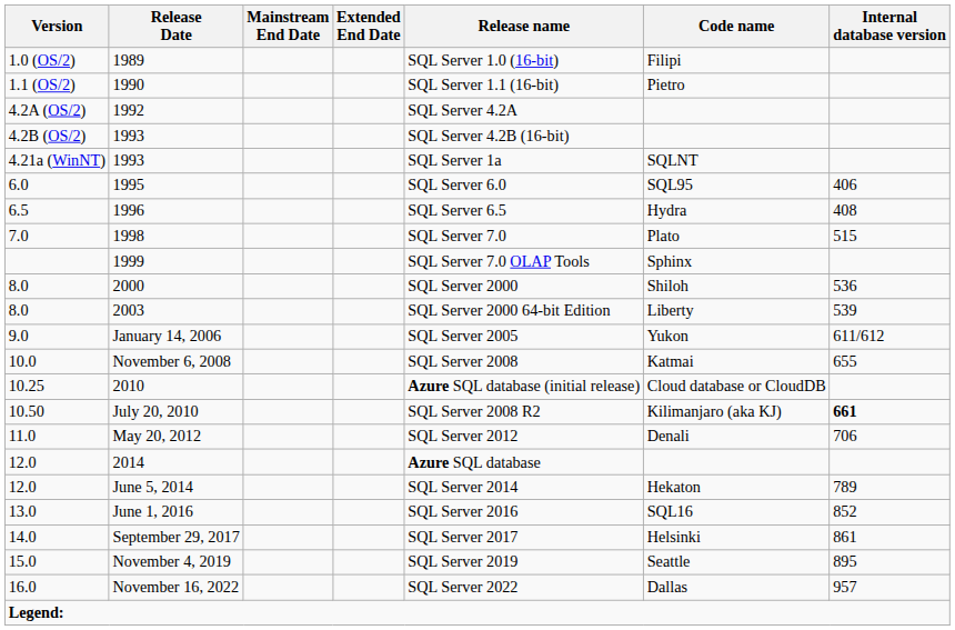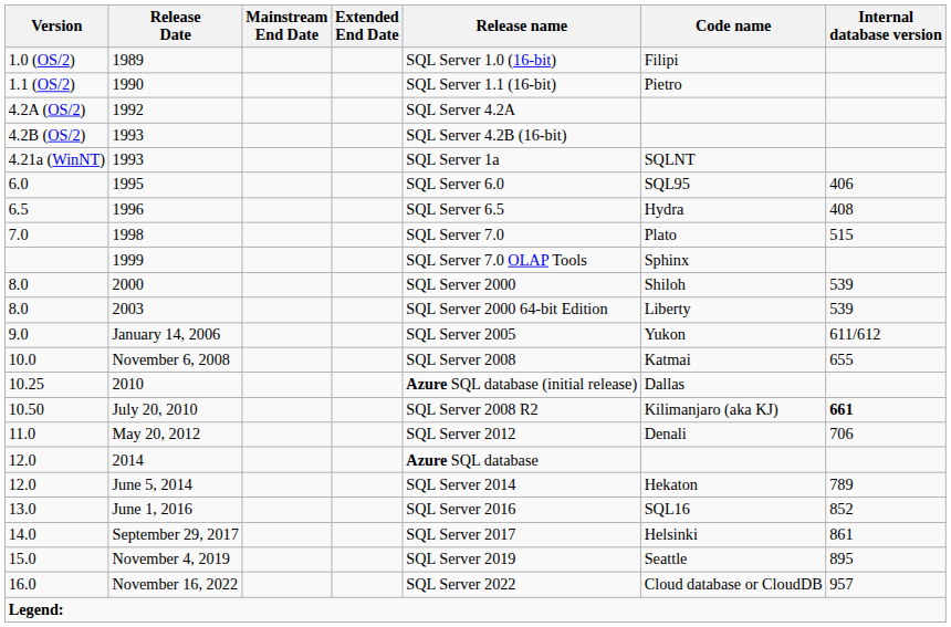 <table style=text-alfdfign:center class="wikitable sortable">
 <tr>
 <th>Version</th>
 <th>Release<br>Date</th>
 <th>Mainstream<br>End Date</th>
 <th>Extended<br>End Date</th>
 <th>Release name</th>
 <th>Code name</th>
 <th>Internal<br>database version</th>
 </tr>
 <tr>
 <td>1.0 (<a href='#'>OS/2</a>)</td>
 <td>1989</td>
 <td></td>
 <td></td>
 <td>SQL Server 1.0 (<a href='#'>16-bit</a>)</td>
 <td>Filipi</td>
 <td></td>
 </tr>
 <tr>
 <td>1.1 (<a href='#'>OS/2</a>)</td>
 <td>1990</td>
 <td></td>
 <td></td>
 <td>SQL Server 1.1 (16-bit)</td>
 <td>Pietro</td>
 <td></td>
 </tr>
 <tr>
 <td>4.2A (<a href='#'>OS/2</a>)</td>
 <td>1992</td>
 <td></td>
 <td></td>
 <td>SQL Server 4.2A</td>
 <td></td>
 <td></td>
 </tr>
 <tr>
 <td>4.2B (<a href='#'>OS/2</a>)</td>
 <td>1993</td>
 <td></td>
 <td></td>
 <td>SQL Server 4.2B (16-bit)</td>
 <td></td>
 <td></td>
 </tr>
 <tr>
 <td>4.21a (<a href='#'>WinNT</a>)</td>
 <td>1993</td>
 <td></td>
 <td></td>
 <td>SQL Server 1a</td>
 <td>SQLNT</td>
 <td></td>
 </tr>
 <tr>
 <td>6.0</td>
 <td>1995</td>
 <td></td>
 <td></td>
 <td>SQL Server 6.0</td>
 <td>SQL95</td>
 <td>406</td>
 </tr>
 <tr>
 <td>6.5</td>
 <td>1996</td>
 <td></td>
 <td></td>
 <td>SQL Server 6.5</td>
 <td>Hydra</td>
 <td>408</td>
 </tr>
 <tr>
 <td>7.0</td>
 <td>1998</td>
 <td></td>
 <td></td>
 <td>SQL Server 7.0</td>
 <td>Plato</td>
 <td>515</td>
 </tr>
 <tr>
 <td></td>
 <td>1999</td>
 <td></td>
 <td></td>
 <td>SQL Server 7.0 <a href='#'>OLAP</a> Tools</td>
 <td>Sphinx</td>
 <td></td>
 </tr>
 <tr>
 <td>8.0</td>
 <td>2000</td>
 <td></td>
 <td></td>
 <td>SQL Server 2000</td>
 <td>Shiloh</td>
-<td>536</td>
+<td>539</td>
 </tr>
 <tr>
 <td>8.0</td>
 <td>2003</td>
 <td></td>
 <td></td>
 <td>SQL Server 2000 64-bit Edition</td>
 <td>Liberty</td>
 <td>539</td>
 </tr>
 <tr>
 <td>9.0</td>
 <td>January 14, 2006</td>
 <td></td>
 <td></td>
 <td>SQL Server 2005</td>
 <td>Yukon</td>
 <td>611/612</td>
 </tr>
 <tr>
 <td>10.0</td>
 <td>November 6, 2008</td>
 <td></td>
 <td></td>
 <td>SQL Server 2008</td>
 <td>Katmai</td>
 <td>655</td>
 </tr>
 <tr>
 <td>10.25</td>
 <td>2010</td>
 <td></td>
 <td></td>
 <td><strong>Azure</strong> SQL database (initial release)</td>
-<td>Cloud database or CloudDB</td>
+<td>Dallas</td>
 <td></td>
 </tr>
 <tr>
 <td>10.50</td>
 <td>July 20, 2010</td>
 <td></td>
 <td></td>
 <td>SQL Server 2008 R2</td>
 <td>Kilimanjaro (aka KJ)</td>
 <td><strong>661</strong></td>
 </tr>
 <tr>
 <td>11.0</td>
 <td>May 20, 2012</td>
 <td></td>
 <td></td>
 <td>SQL Server 2012</td>
 <td>Denali</td>
 <td>706</td>
 </tr>
 <tr>
 <td>12.0</td>
 <td>2014</td>
 <td></td>
 <td></td>
 <td><strong>Azure</strong> SQL database</td>
 <td></td>
 <td></td>
 </tr>
 <tr>
 <td>12.0</td>
 <td>June 5, 2014</td>
 <td></td>
 <td></td>
 <td>SQL Server 2014</td>
 <td>Hekaton</td>
 <td>789</td>
 </tr>
 <tr>
 <td>13.0</td>
 <td>June 1, 2016</td>
 <td></td>
 <td></td>
 <td>SQL Server 2016</td>
 <td>SQL16</td>
 <td>852</td>
 </tr>
 <tr>
 <td>14.0</td>
 <td>September 29, 2017</td>
 <td></td>
 <td></td>
 <td>SQL Server 2017</td>
 <td>Helsinki</td>
 <td>861</td>
 </tr>
 <tr>
 <td>15.0</td>
 <td>November 4, 2019</td>
 <td></td>
 <td></td>
 <td>SQL Server 2019</td>
 <td>Seattle</td>
 <td>895</td>
 </tr>
 <tr>
 <td>16.0</td>
 <td>November 16, 2022</td>
 <td></td>
 <td></td>
 <td>SQL Server 2022</td>
-<td>Dallas</td>
+<td>Cloud database or CloudDB</td>
 <td>957</td>
 </tr>
 <tr>
 <td colspan=7><strong>Legend:</strong>   </td>
 </tr>
 </table>
